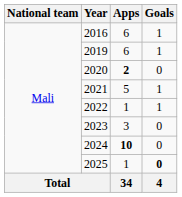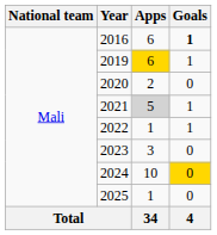 <table class="wikitable" style="text-align:center">
 <tr>
 <th>National team</th>
 <th>Year</th>
 <th>Apps</th>
 <th>Goals</th>
 </tr>
 <tr>
 <td rowspan="8"><a href='#'>Mali</a></td>
 <td>2016</td>
 <td>6</td>
-<td>1</td>
+<td><strong>1</strong></td>
 </tr>
 <tr>
 <td>2019</td>
-<td>6</td>
+<td style="background: gold;">6</td>
 <td>1</td>
 </tr>
 <tr>
 <td>2020</td>
-<td><strong>2</strong></td>
+<td>2</td>
 <td>0</td>
 </tr>
 <tr>
 <td>2021</td>
-<td>5</td>
+<td style="background: lightgrey;">5</td>
 <td>1</td>
 </tr>
 <tr>
 <td>2022</td>
 <td>1</td>
 <td>1</td>
 </tr>
 <tr>
 <td>2023</td>
 <td>3</td>
 <td>0</td>
 </tr>
 <tr>
 <td>2024</td>
-<td><strong>10</strong></td>
-<td>0</td>
+<td>10</td>
+<td style="background: gold;">0</td>
 </tr>
 <tr>
 <td>2025</td>
 <td>1</td>
-<td><strong>0</strong></td>
+<td>0</td>
 </tr>
 <tr>
 <th colspan="2">Total</th>
 <th>34</th>
 <th>4</th>
 </tr>
 </table>
